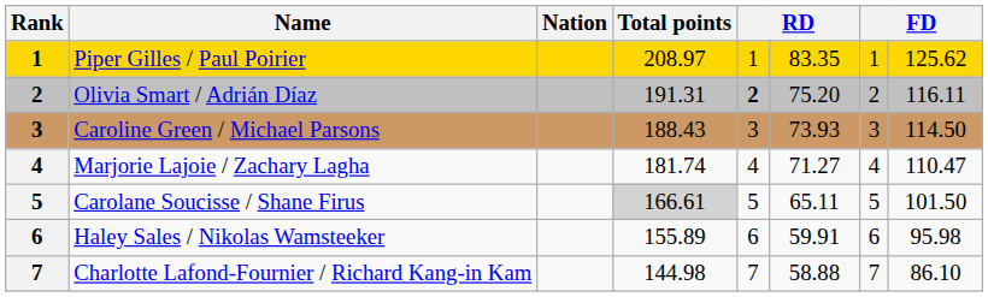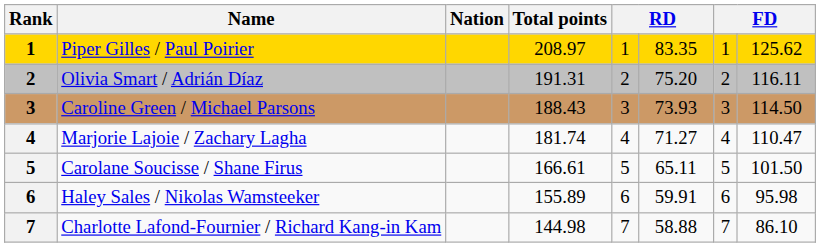 <table class="wikitable sortable">
 <tr>
 <th>Rank</th>
 <th>Name</th>
 <th>Nation</th>
 <th>Total points</th>
 <th colspan="2" width="80px"><a href='#'>RD</a></th>
 <th colspan="2" width="80px"><a href='#'>FD</a></th>
 </tr>
 <tr bgcolor="gold">
 <td align="center"><strong>1</strong></td>
 <td><a href='#'>Piper Gilles</a> / <a href='#'>Paul Poirier</a></td>
 <td></td>
 <td align="center">208.97</td>
 <td align="center">1</td>
 <td align="center">83.35</td>
 <td align="center">1</td>
 <td align="center">125.62</td>
 </tr>
 <tr bgcolor="silver">
 <td align="center"><strong>2</strong></td>
 <td><a href='#'>Olivia Smart</a> / <a href='#'>Adrián Díaz</a></td>
 <td></td>
 <td align="center">191.31</td>
-<td align="center"><strong>2</strong></td>
+<td align="center">2</td>
 <td align="center">75.20</td>
 <td align="center">2</td>
 <td align="center">116.11</td>
 </tr>
 <tr bgcolor="cc9966">
 <td align="center"><strong>3</strong></td>
 <td><a href='#'>Caroline Green</a> / <a href='#'>Michael Parsons</a></td>
 <td></td>
 <td align="center">188.43</td>
 <td align="center">3</td>
 <td align="center">73.93</td>
 <td align="center">3</td>
 <td align="center">114.50</td>
 </tr>
 <tr>
 <th>4</th>
 <td><a href='#'>Marjorie Lajoie</a> / <a href='#'>Zachary Lagha</a></td>
 <td></td>
 <td align="center">181.74</td>
 <td align="center">4</td>
 <td align="center">71.27</td>
 <td align="center">4</td>
 <td align="center">110.47</td>
 </tr>
 <tr>
 <th>5</th>
 <td><a href='#'>Carolane Soucisse</a> / <a href='#'>Shane Firus</a></td>
 <td></td>
-<td align="center" style="background: lightgrey;">166.61</td>
+<td align="center">166.61</td>
 <td align="center">5</td>
 <td align="center">65.11</td>
 <td align="center">5</td>
 <td align="center">101.50</td>
 </tr>
 <tr>
 <th>6</th>
 <td><a href='#'>Haley Sales</a> / <a href='#'>Nikolas Wamsteeker</a></td>
 <td></td>
 <td align="center">155.89</td>
 <td align="center">6</td>
 <td align="center">59.91</td>
 <td align="center">6</td>
 <td align="center">95.98</td>
 </tr>
 <tr>
 <th>7</th>
 <td><a href='#'>Charlotte Lafond-Fournier</a> / <a href='#'>Richard Kang-in Kam</a></td>
 <td></td>
 <td align="center">144.98</td>
 <td align="center">7</td>
 <td align="center">58.88</td>
 <td align="center">7</td>
 <td align="center">86.10</td>
 </tr>
 </table>
